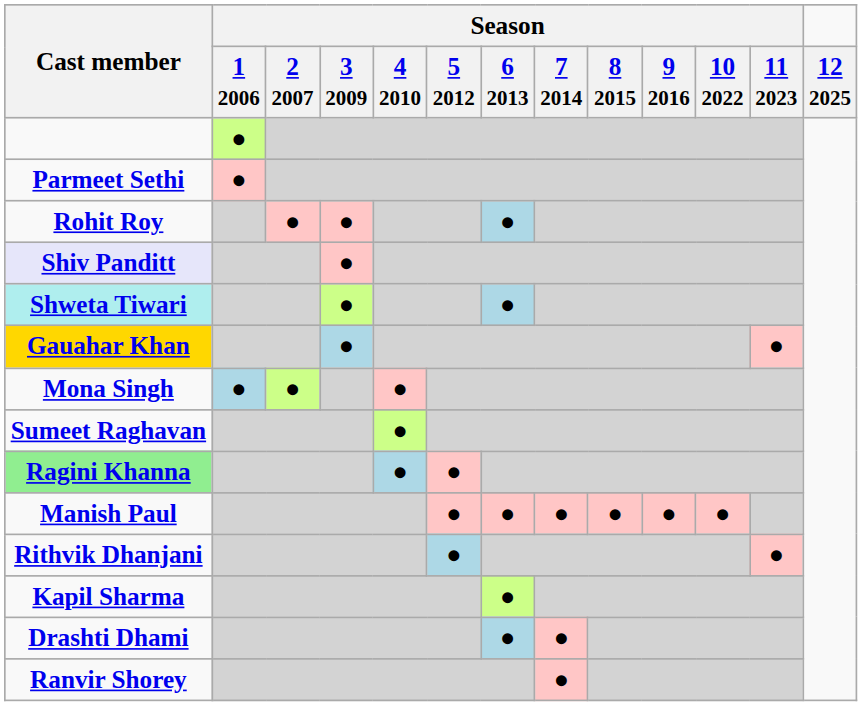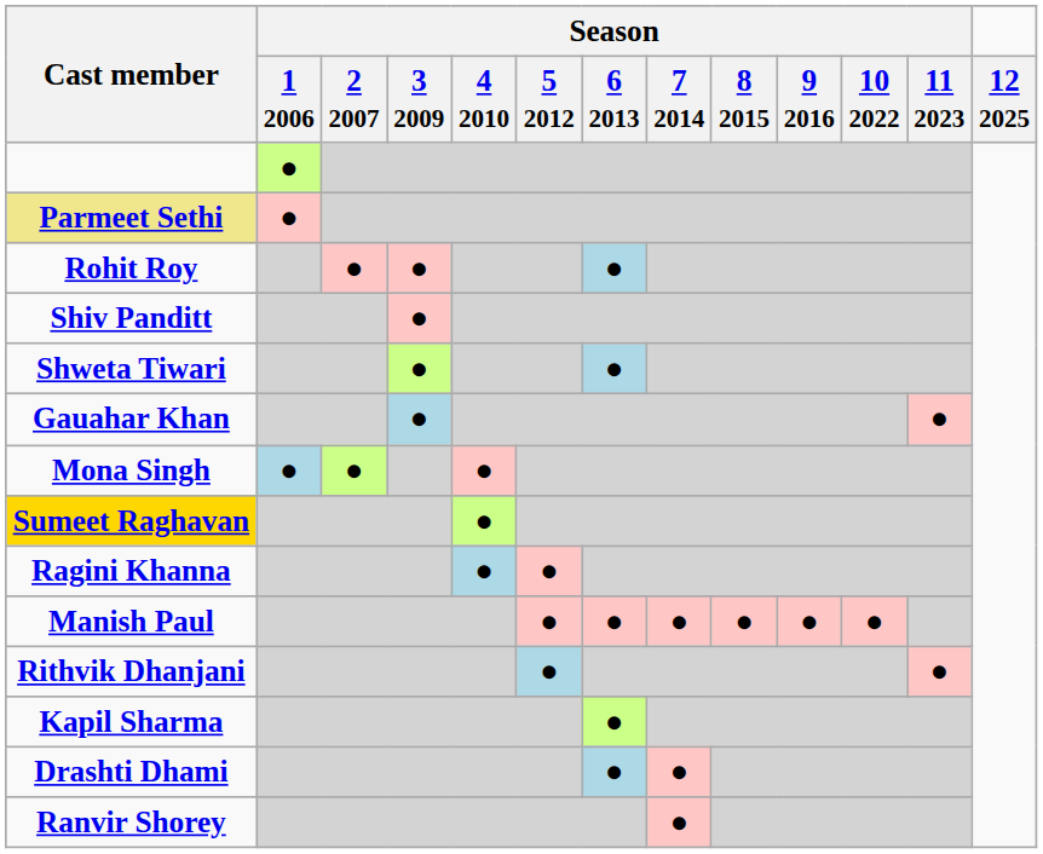 <table class="wikitable unsortable" style="text-align:center; font-size:95%">
 <tr>
 <th rowspan="2" scope="col">Cast member</th>
 <th colspan="11" style="text-align:center" scope="col">Season</th>
 </tr>
 <tr>
 <th width="15"><a href='#'>1</a><br><small>2006</small></th>
 <th width="15"><a href='#'>2</a><br><small>2007</small></th>
 <th width="15"><a href='#'>3</a><br><small>2009</small></th>
 <th width="15"><a href='#'>4</a><br><small>2010</small></th>
 <th width="15"><a href='#'>5</a><br><small>2012</small></th>
 <th width="15"><a href='#'>6</a><br><small>2013</small></th>
 <th width="15"><a href='#'>7</a><br><small>2014</small></th>
 <th width="15"><a href='#'>8</a><br><small>2015</small></th>
 <th width="15"><a href='#'>9</a><br><small>2016</small></th>
 <th width="15"><a href='#'>10</a><br><small>2022</small></th>
 <th width="15"><a href='#'>11</a><br><small>2023</small></th>
 <th waduh="15"><a href='#'>12</a><br><small>2025</small></th>
 </tr>
 <tr>
 <td></td>
 <td style="background:#ccff88">●</td>
 <td colspan="10" style="background:lightgrey"></td>
 </tr>
 <tr>
-<td><strong><a href='#'>Parmeet Sethi</a></strong></td>
+<td style="background: khaki;"><strong><a href='#'>Parmeet Sethi</a></strong></td>
 <td style="background:#ffc6c6">●</td>
 <td colspan="10" style="background:lightgrey"></td>
 </tr>
 <tr>
 <td><strong><a href='#'>Rohit Roy</a></strong></td>
 <td style="background:lightgrey"></td>
 <td style="background:#ffc6c6">●</td>
 <td style="background:#ffc6c6">●</td>
 <td colspan="2" style="background:lightgrey"></td>
 <td style="background:lightblue">●</td>
 <td colspan="5" style="background:lightgrey"></td>
 </tr>
 <tr>
-<td style="background: lavender;"><strong><a href='#'>Shiv Panditt</a></strong></td>
+<td><strong><a href='#'>Shiv Panditt</a></strong></td>
 <td colspan="2" style="background:lightgrey"></td>
 <td style="background:#ffc6c6">●</td>
 <td colspan="8" style="background:lightgrey"></td>
 </tr>
 <tr>
-<td style="background: paleturquoise;"><strong><a href='#'>Shweta Tiwari</a></strong></td>
+<td><strong><a href='#'>Shweta Tiwari</a></strong></td>
 <td colspan="2" style="background:lightgrey"></td>
 <td style="background:#ccff88">●</td>
 <td colspan="2" style="background:lightgrey"></td>
 <td style="background:lightblue">●</td>
 <td colspan="5" style="background:lightgrey"></td>
 </tr>
 <tr>
-<td style="background: gold;"><strong><a href='#'>Gauahar Khan</a></strong></td>
+<td><strong><a href='#'>Gauahar Khan</a></strong></td>
 <td colspan="2" bgcolor="lightgrey"></td>
 <td bgcolor="lightblue">●</td>
 <td colspan="7" bgcolor="lightgrey"></td>
 <td bgcolor="#ffc6c6">●</td>
 </tr>
 <tr>
 <td><strong><a href='#'>Mona Singh</a></strong></td>
 <td style="background:lightblue">●</td>
 <td style="background:#ccff88">●</td>
 <td style="background:lightgrey"></td>
 <td style="background:#ffc6c6">●</td>
 <td colspan="7" style="background:lightgrey"></td>
 </tr>
 <tr>
-<td><strong><a href='#'>Sumeet Raghavan</a></strong></td>
+<td style="background: gold;"><strong><a href='#'>Sumeet Raghavan</a></strong></td>
 <td colspan="3" style="background:lightgrey"></td>
 <td style="background:#ccff88">●</td>
 <td colspan="7" style="background:lightgrey"></td>
 </tr>
 <tr>
-<td style="background: lightgreen;"><strong><a href='#'>Ragini Khanna</a></strong></td>
+<td><strong><a href='#'>Ragini Khanna</a></strong></td>
 <td colspan="3" style="background:lightgrey"></td>
 <td style="background:lightblue">●</td>
 <td style="background:#ffc6c6">●</td>
 <td colspan="6" style="background:lightgrey"></td>
 </tr>
 <tr>
 <td><strong><a href='#'>Manish Paul</a></strong></td>
 <td colspan="4" style="background:lightgrey"></td>
 <td style="background:#ffc6c6">●</td>
 <td style="background:#ffc6c6">●</td>
 <td style="background:#ffc6c6">●</td>
 <td style="background:#ffc6c6">●</td>
 <td style="background:#ffc6c6">●</td>
 <td style="background:#ffc6c6">●</td>
 <td bgcolor="lightgrey"></td>
 </tr>
 <tr>
 <td><strong><a href='#'>Rithvik Dhanjani</a></strong></td>
 <td colspan="4" bgcolor="lightgrey"></td>
 <td bgcolor="lightblue">●</td>
 <td colspan="5" bgcolor="lightgrey"></td>
 <td bgcolor="#ffc6c6">●</td>
 </tr>
 <tr>
 <td><strong><a href='#'>Kapil Sharma</a></strong></td>
 <td colspan="5" style="background:lightgrey"></td>
 <td style="background:#ccff88">●</td>
 <td colspan="5" style="background:lightgrey"></td>
 </tr>
 <tr>
 <td><strong><a href='#'>Drashti Dhami</a></strong></td>
 <td colspan="5" style="background:lightgrey"></td>
 <td style="background:lightblue">●</td>
 <td style="background:#ffc6c6">●</td>
 <td colspan="4" style="background:lightgrey"></td>
 </tr>
 <tr>
 <td><strong><a href='#'>Ranvir Shorey</a></strong></td>
 <td colspan="6" style="background:lightgrey"></td>
 <td style="background:#ffc6c6">●</td>
 <td colspan="4" style="background:lightgrey"></td>
 </tr>
 </table>
